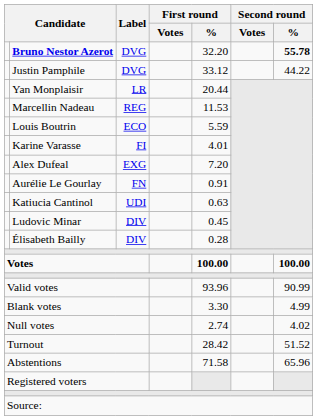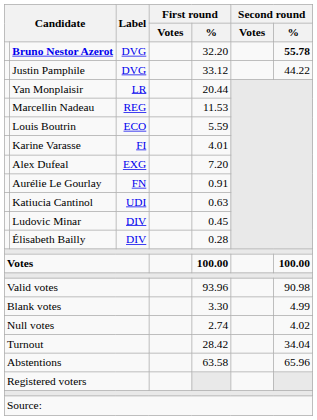 <table class="wikitable" style="text-align:right;font-size:95%;">
 <tr>
 <th rowspan="2" colspan="2">Candidate</th>
 <th rowspan="2">Label</th>
 <th colspan="2">First round</th>
 <th colspan="2">Second round</th>
 </tr>
 <tr>
 <th style="width:50px;">Votes</th>
 <th style="width:45px;">%</th>
 <th style="width:50px;">Votes</th>
 <th style="width:45px;">%</th>
 </tr>
 <tr>
 <td style="color:inherit;background:"></td>
 <td style="text-align:left;"><strong><a href='#'>Bruno Nestor Azerot</a></strong></td>
 <td><a href='#'>DVG</a></td>
 <td></td>
 <td>32.20</td>
 <td><strong></strong></td>
 <td><strong>55.78</strong></td>
 </tr>
 <tr>
 <td style="color:inherit;background:"></td>
 <td style="text-align:left;">Justin Pamphile</td>
 <td><a href='#'>DVG</a></td>
 <td></td>
 <td>33.12</td>
 <td></td>
 <td>44.22</td>
 </tr>
 <tr>
 <td style="color:inherit;background:"></td>
 <td style="text-align:left;">Yan Monplaisir</td>
 <td><a href='#'>LR</a></td>
 <td></td>
 <td>20.44</td>
 <td colspan="2" rowspan="9" style="background:#E9E9E9;"></td>
 </tr>
 <tr>
 <td style="color:inherit;background:"></td>
 <td style="text-align:left;">Marcellin Nadeau</td>
 <td><a href='#'>REG</a></td>
 <td></td>
 <td>11.53</td>
 </tr>
 <tr>
 <td style="color:inherit;background:"></td>
 <td style="text-align:left;">Louis Boutrin</td>
 <td><a href='#'>ECO</a></td>
 <td></td>
 <td>5.59</td>
 </tr>
 <tr>
 <td style="color:inherit;background:"></td>
 <td style="text-align:left;">Karine Varasse</td>
 <td><a href='#'>FI</a></td>
 <td></td>
 <td>4.01</td>
 </tr>
 <tr>
 <td style="color:inherit;background:"></td>
 <td style="text-align:left;">Alex Dufeal</td>
 <td><a href='#'>EXG</a></td>
 <td></td>
 <td>7.20</td>
 </tr>
 <tr>
 <td style="color:inherit;background:"></td>
 <td style="text-align:left;">Aurélie Le Gourlay</td>
 <td><a href='#'>FN</a></td>
 <td></td>
 <td>0.91</td>
 </tr>
 <tr>
 <td style="color:inherit;background:"></td>
 <td style="text-align:left;">Katiucia Cantinol</td>
 <td><a href='#'>UDI</a></td>
 <td></td>
 <td>0.63</td>
 </tr>
 <tr>
 <td style="color:inherit;background:"></td>
 <td style="text-align:left;">Ludovic Minar</td>
 <td><a href='#'>DIV</a></td>
 <td></td>
 <td>0.45</td>
 </tr>
 <tr>
 <td style="color:inherit;background:"></td>
 <td style="text-align:left;">Élisabeth Bailly</td>
 <td><a href='#'>DIV</a></td>
 <td></td>
 <td>0.28</td>
 </tr>
 <tr>
 <td colspan="7" style="background:#E9E9E9;"></td>
 </tr>
 <tr style="font-weight:bold;">
 <td colspan="3" style="text-align:left;">Votes</td>
 <td></td>
 <td>100.00</td>
 <td></td>
 <td>100.00</td>
 </tr>
 <tr>
 <td colspan="7" style="background:#E9E9E9;"></td>
 </tr>
 <tr>
 <td colspan="3" style="text-align:left;">Valid votes</td>
 <td></td>
 <td>93.96</td>
 <td></td>
-<td>90.99</td>
+<td>90.98</td>
 </tr>
 <tr>
 <td colspan="3" style="text-align:left;">Blank votes</td>
 <td></td>
 <td>3.30</td>
 <td></td>
 <td>4.99</td>
 </tr>
 <tr>
 <td colspan="3" style="text-align:left;">Null votes</td>
 <td></td>
 <td>2.74</td>
 <td></td>
 <td>4.02</td>
 </tr>
 <tr>
 <td colspan="3" style="text-align:left;">Turnout</td>
 <td></td>
 <td>28.42</td>
 <td></td>
-<td>51.52</td>
+<td>34.04</td>
 </tr>
 <tr>
 <td colspan="3" style="text-align:left;">Abstentions</td>
 <td></td>
-<td>71.58</td>
+<td>63.58</td>
 <td></td>
 <td>65.96</td>
 </tr>
 <tr>
 <td colspan="3" style="text-align:left;">Registered voters</td>
 <td></td>
 <td style="background:#E9E9E9;"></td>
 <td></td>
 <td style="background:#E9E9E9;"></td>
 </tr>
 <tr>
 <td colspan="7" style="background:#E9E9E9;"></td>
 </tr>
 <tr>
 <td colspan="7" style="text-align:left;">Source: </td>
 </tr>
 </table>
